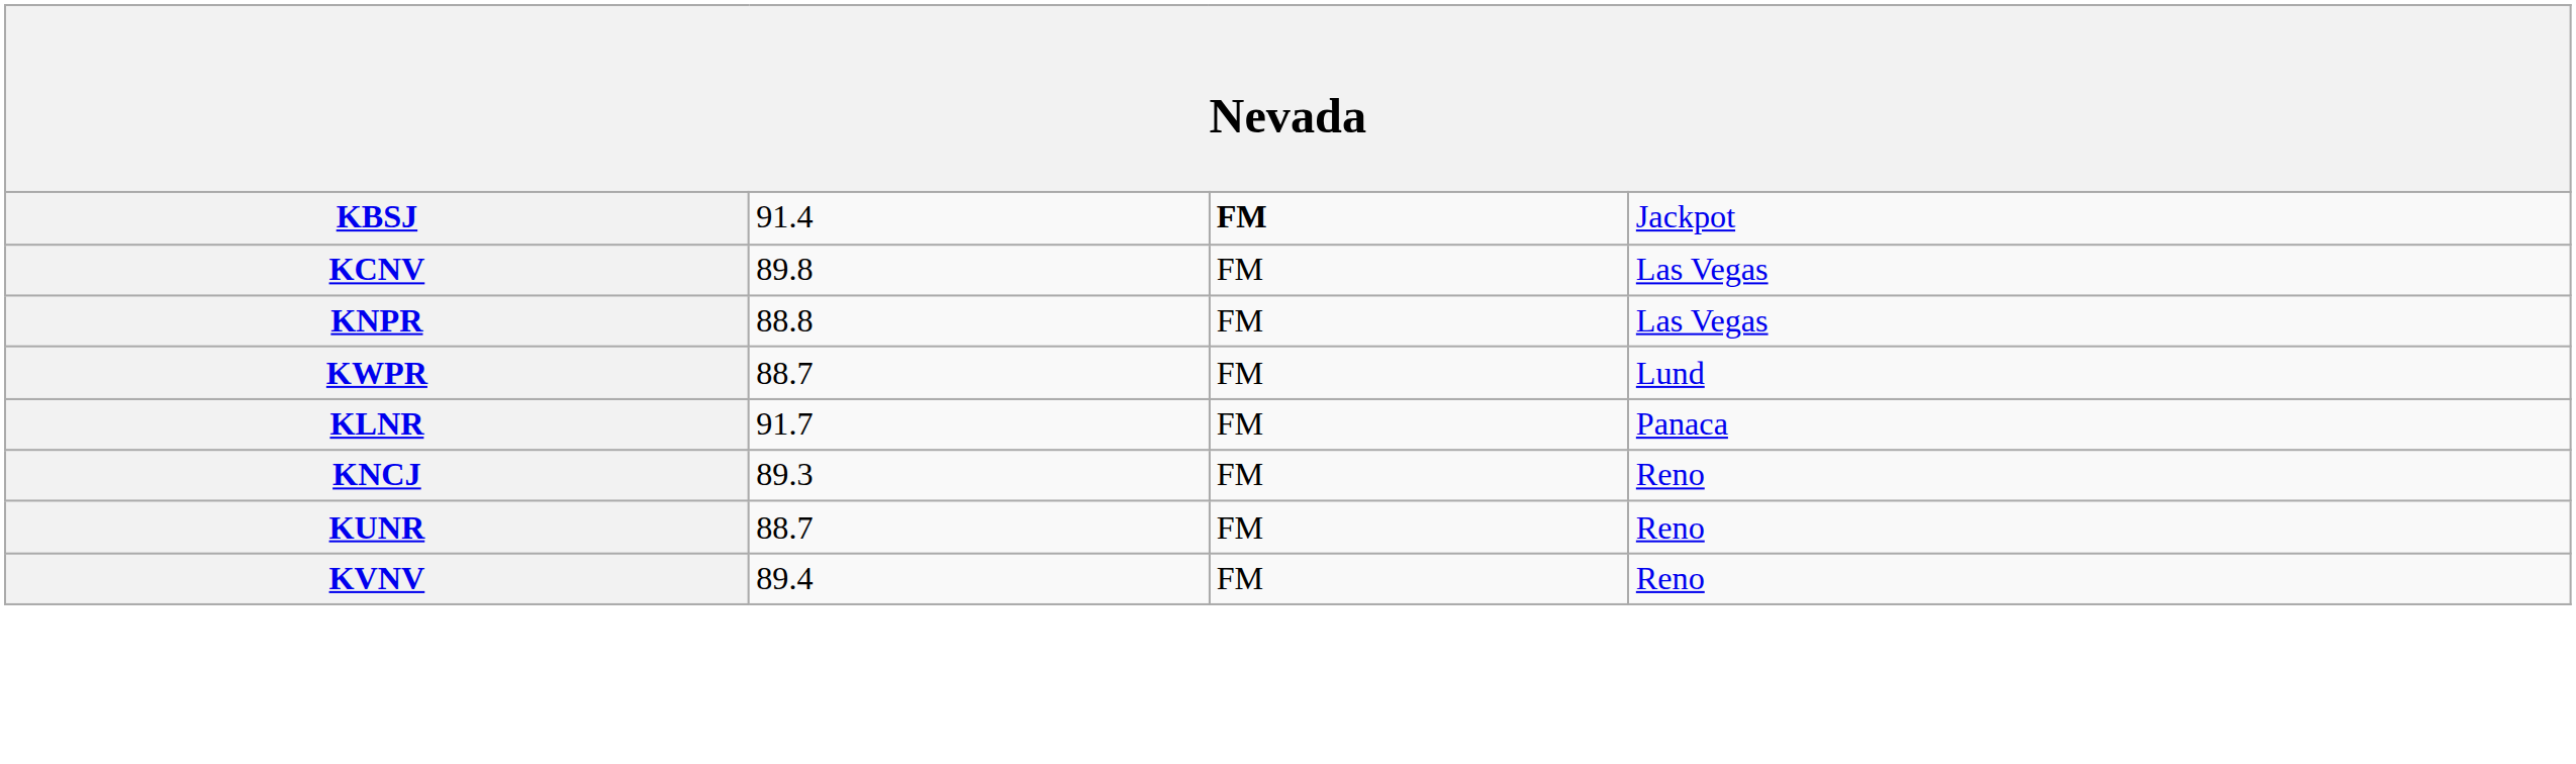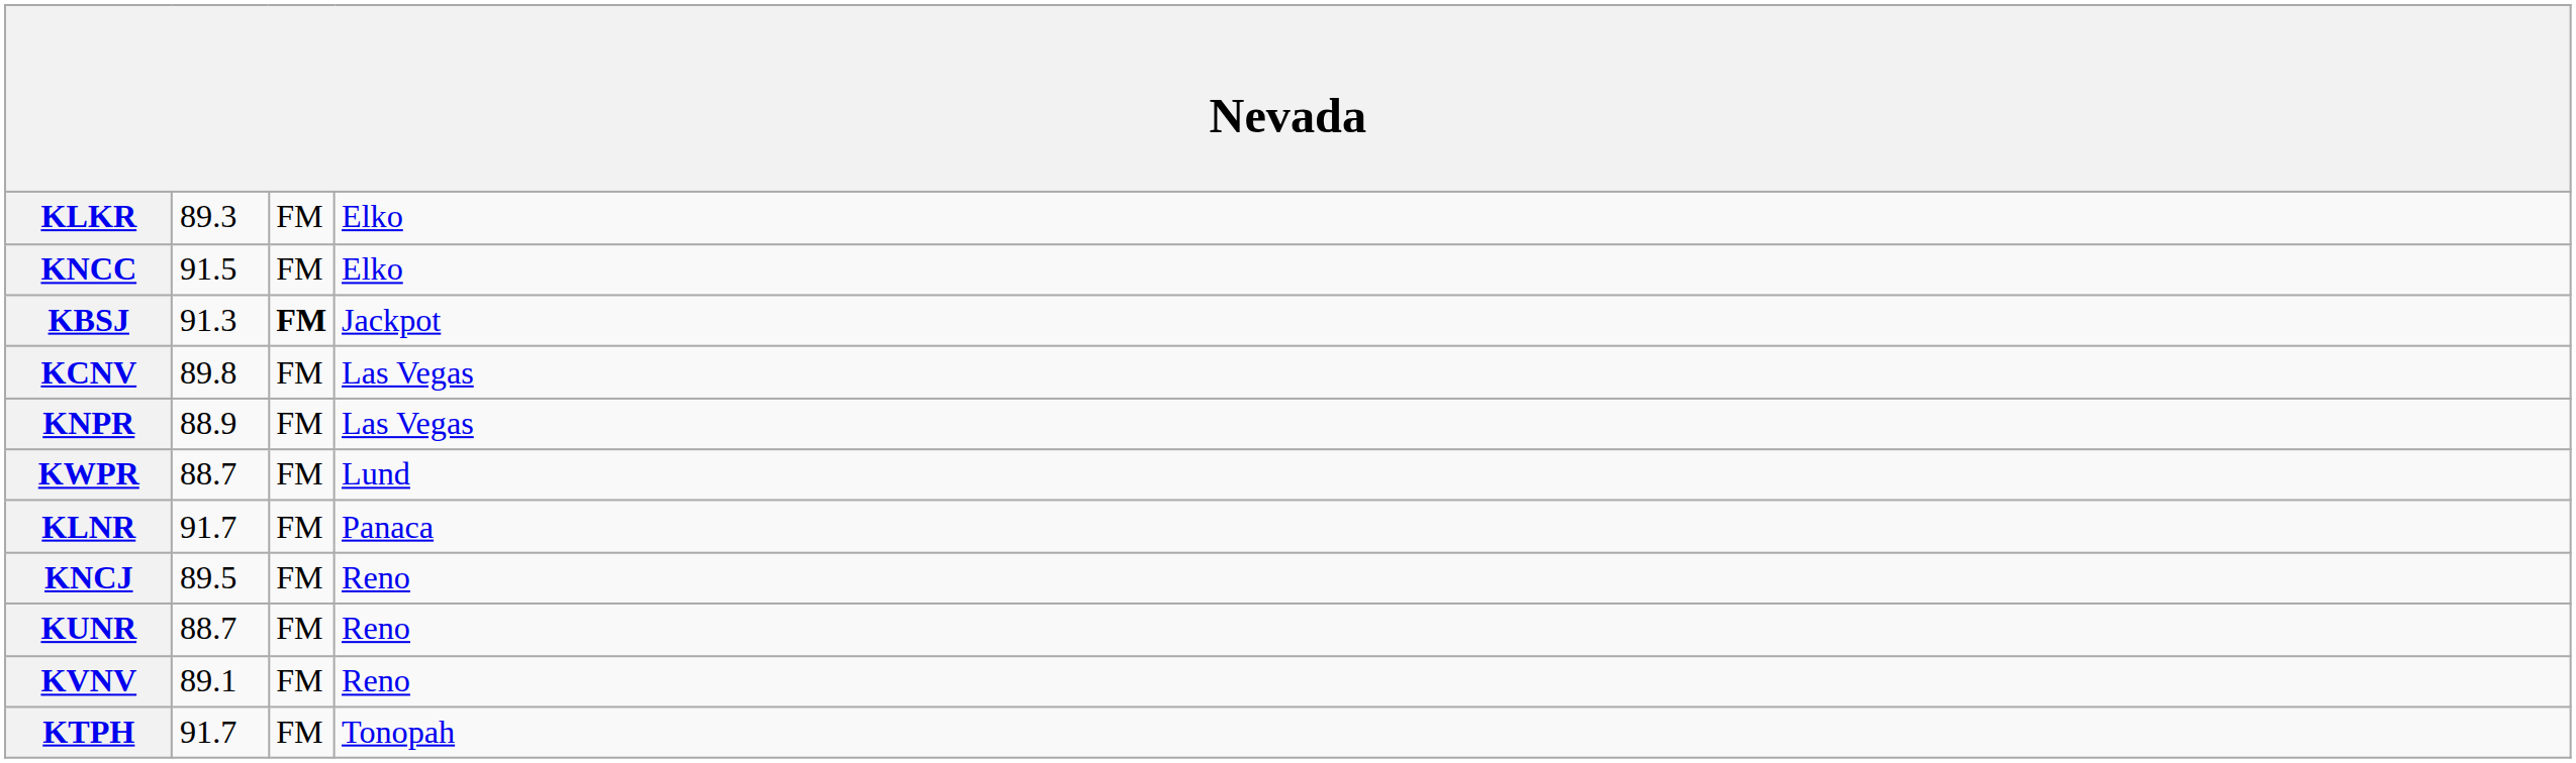 <table class="wikitable mw-collapsible" style="width:100%">
 <tr>
 <th scope="col" colspan="4"><br><h2>Nevada</h2></th>
 </tr>
 <tr>
+<th scope="row" style="width: 75px;"><a href='#'>KLKR</a></th>
+<td style="width: 40px;">89.3</td>
+<td style="width: 21px;">FM</td>
+<td><a href='#'>Elko</a></td>
+</tr>
+<tr>
+<th scope="row"><a href='#'>KNCC</a></th>
+<td>91.5</td>
+<td>FM</td>
+<td><a href='#'>Elko</a></td>
+</tr>
+<tr>
 <th scope="row"><a href='#'>KBSJ</a></th>
-<td>91.4</td>
+<td>91.3</td>
 <td><strong>FM</strong></td>
 <td><a href='#'>Jackpot</a></td>
 </tr>
 <tr>
 <th scope="row"><a href='#'>KCNV</a></th>
 <td>89.8</td>
 <td>FM</td>
 <td><a href='#'>Las Vegas</a></td>
 </tr>
 <tr>
 <th scope="row"><a href='#'>KNPR</a></th>
-<td>88.8</td>
+<td>88.9</td>
 <td>FM</td>
 <td><a href='#'>Las Vegas</a></td>
 </tr>
 <tr>
 <th scope="row"><a href='#'>KWPR</a></th>
 <td>88.7</td>
 <td>FM</td>
 <td><a href='#'>Lund</a></td>
 </tr>
 <tr>
 <th scope="row"><a href='#'>KLNR</a></th>
 <td>91.7</td>
 <td>FM</td>
 <td><a href='#'>Panaca</a></td>
 </tr>
 <tr>
 <th scope="row"><a href='#'>KNCJ</a></th>
-<td>89.3</td>
+<td>89.5</td>
 <td>FM</td>
 <td><a href='#'>Reno</a></td>
 </tr>
 <tr>
 <th scope="row"><a href='#'>KUNR</a></th>
 <td>88.7</td>
 <td>FM</td>
 <td><a href='#'>Reno</a></td>
 </tr>
 <tr>
 <th scope="row"><a href='#'>KVNV</a></th>
-<td>89.4</td>
+<td>89.1</td>
 <td>FM</td>
 <td><a href='#'>Reno</a></td>
 </tr>
+<tr>
+<th scope="row"><a href='#'>KTPH</a></th>
+<td>91.7</td>
+<td>FM</td>
+<td><a href='#'>Tonopah</a></td>
+</tr>
 </table>
